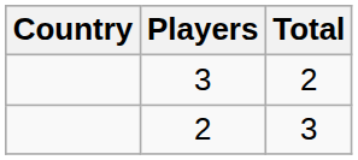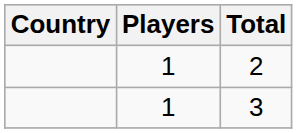 <table class="wikitable sortable" style="text-align: center;">
 <tr>
 <th>Country</th>
 <th>Players</th>
 <th>Total</th>
 </tr>
 <tr>
 <td align=left></td>
-<td>3</td>
+<td>1</td>
 <td>2</td>
 </tr>
 <tr>
 <td align=left></td>
-<td>2</td>
+<td>1</td>
 <td>3</td>
 </tr>
 </table>
